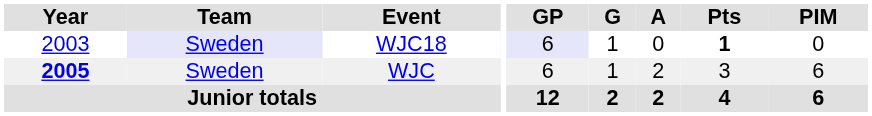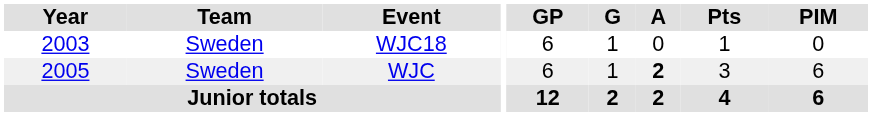 <table border="0" cellpadding="1" cellspacing="0" ID="Table3" style="text-align:center; width:40em">
 <tr ALIGN="center" bgcolor="#e0e0e0">
 <th>Year</th>
 <th>Team</th>
 <th>Event</th>
 <th rowspan="99" bgcolor="#ffffff"></th>
 <th>GP</th>
 <th>G</th>
 <th>A</th>
 <th>Pts</th>
 <th>PIM</th>
 </tr>
 <tr>
 <td><a href='#'>2003</a></td>
-<td style="background: lavender;"><a href='#'>Sweden</a></td>
+<td><a href='#'>Sweden</a></td>
 <td><a href='#'>WJC18</a></td>
-<td style="background: lavender;">6</td>
+<td>6</td>
 <td>1</td>
 <td>0</td>
-<td><strong>1</strong></td>
+<td>1</td>
 <td>0</td>
 </tr>
 <tr bgcolor="#f0f0f0">
-<td><strong><a href='#'>2005</a></strong></td>
+<td><a href='#'>2005</a></td>
 <td><a href='#'>Sweden</a></td>
 <td><a href='#'>WJC</a></td>
 <td>6</td>
 <td>1</td>
-<td>2</td>
+<td><strong>2</strong></td>
 <td>3</td>
 <td>6</td>
 </tr>
 <tr bgcolor="#e0e0e0">
 <th colspan="3">Junior totals</th>
 <th>12</th>
 <th>2</th>
 <th>2</th>
 <th>4</th>
 <th>6</th>
 </tr>
 </table>
